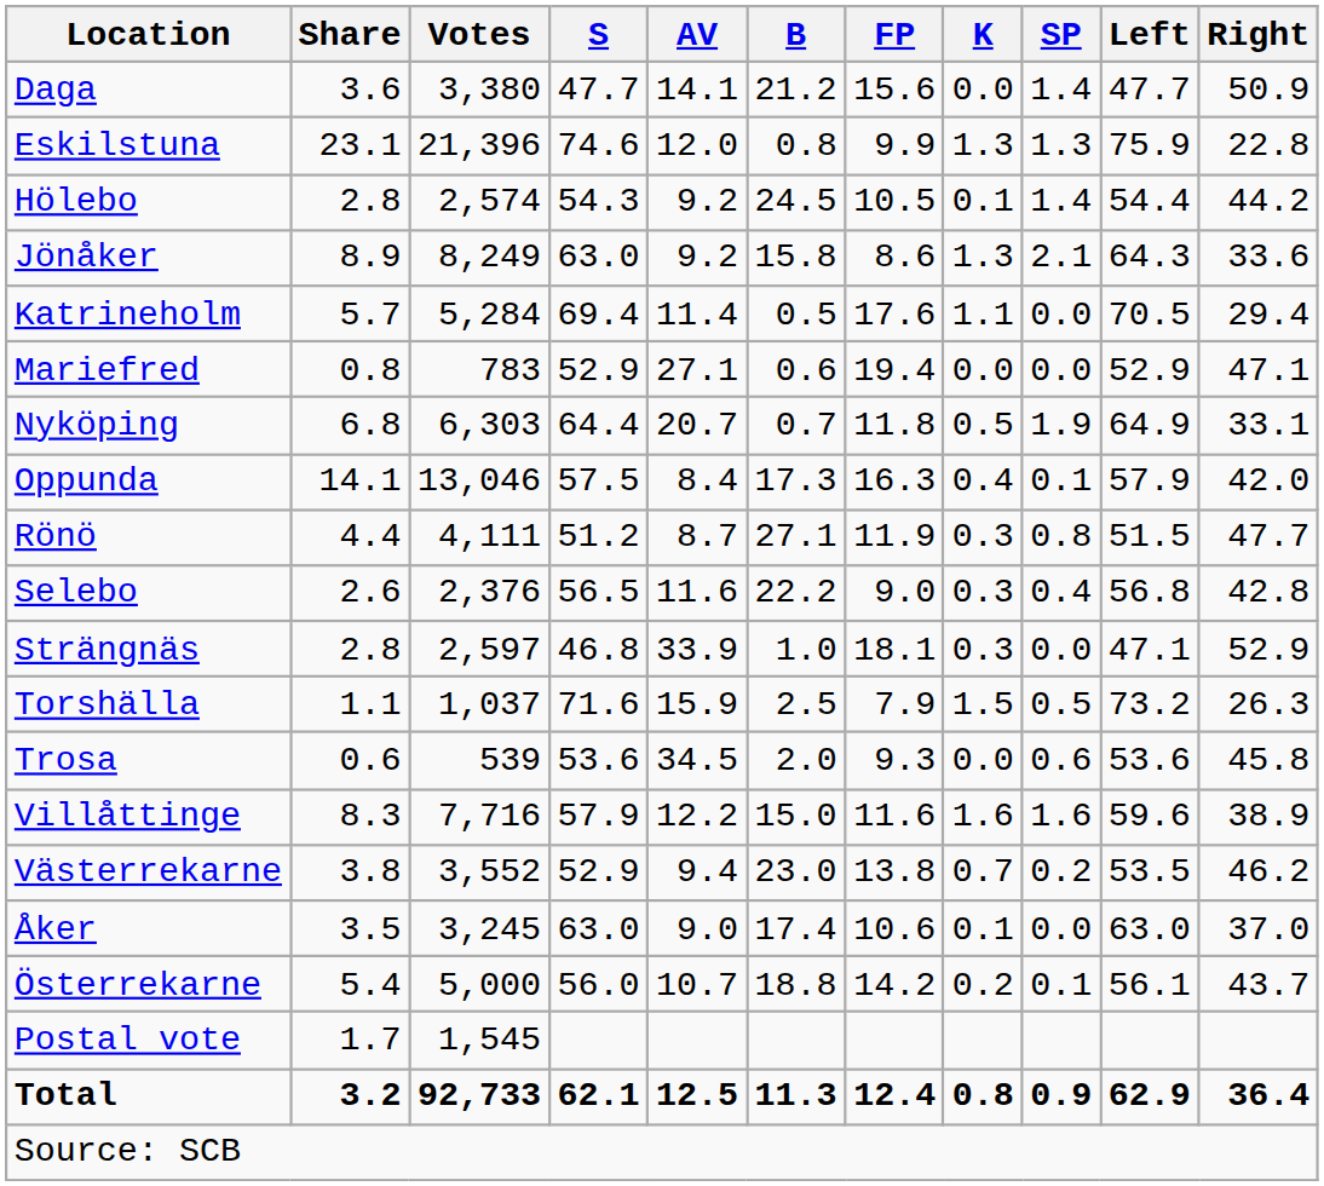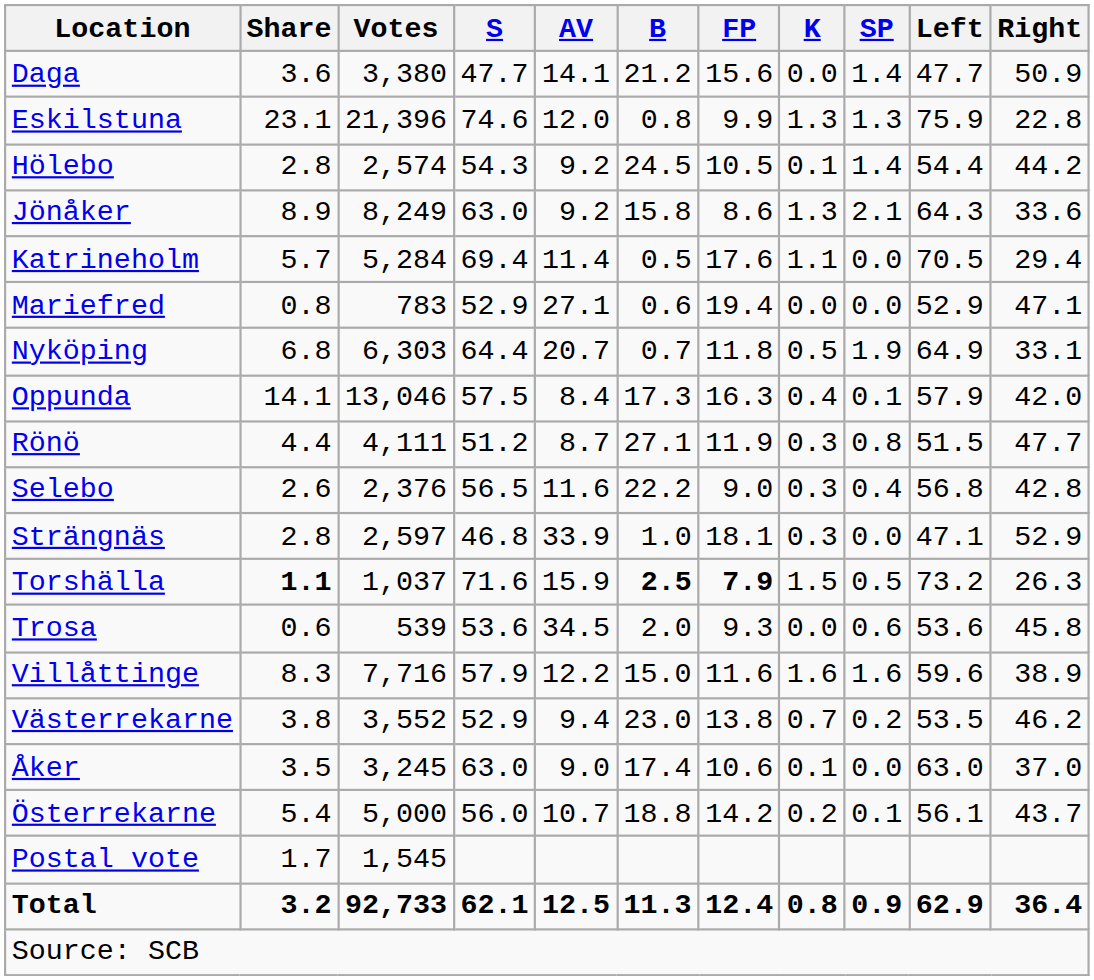 <table class="wikitable sortable" style=text-align:right>
 <tr>
 <th>Location</th>
 <th>Share</th>
 <th>Votes</th>
 <th><a href='#'>S</a></th>
 <th><a href='#'>AV</a></th>
 <th><a href='#'>B</a></th>
 <th><a href='#'>FP</a></th>
 <th><a href='#'>K</a></th>
 <th><a href='#'>SP</a></th>
 <th>Left</th>
 <th>Right</th>
 </tr>
 <tr>
 <td align=left><a href='#'>Daga</a></td>
 <td>3.6</td>
 <td>3,380</td>
 <td>47.7</td>
 <td>14.1</td>
 <td>21.2</td>
 <td>15.6</td>
 <td>0.0</td>
 <td>1.4</td>
 <td>47.7</td>
 <td>50.9</td>
 </tr>
 <tr>
 <td align=left><a href='#'>Eskilstuna</a></td>
 <td>23.1</td>
 <td>21,396</td>
 <td>74.6</td>
 <td>12.0</td>
 <td>0.8</td>
 <td>9.9</td>
 <td>1.3</td>
 <td>1.3</td>
 <td>75.9</td>
 <td>22.8</td>
 </tr>
 <tr>
 <td align=left><a href='#'>Hölebo</a></td>
 <td>2.8</td>
 <td>2,574</td>
 <td>54.3</td>
 <td>9.2</td>
 <td>24.5</td>
 <td>10.5</td>
 <td>0.1</td>
 <td>1.4</td>
 <td>54.4</td>
 <td>44.2</td>
 </tr>
 <tr>
 <td align=left><a href='#'>Jönåker</a></td>
 <td>8.9</td>
 <td>8,249</td>
 <td>63.0</td>
 <td>9.2</td>
 <td>15.8</td>
 <td>8.6</td>
 <td>1.3</td>
 <td>2.1</td>
 <td>64.3</td>
 <td>33.6</td>
 </tr>
 <tr>
 <td align=left><a href='#'>Katrineholm</a></td>
 <td>5.7</td>
 <td>5,284</td>
 <td>69.4</td>
 <td>11.4</td>
 <td>0.5</td>
 <td>17.6</td>
 <td>1.1</td>
 <td>0.0</td>
 <td>70.5</td>
 <td>29.4</td>
 </tr>
 <tr>
 <td align=left><a href='#'>Mariefred</a></td>
 <td>0.8</td>
 <td>783</td>
 <td>52.9</td>
 <td>27.1</td>
 <td>0.6</td>
 <td>19.4</td>
 <td>0.0</td>
 <td>0.0</td>
 <td>52.9</td>
 <td>47.1</td>
 </tr>
 <tr>
 <td align=left><a href='#'>Nyköping</a></td>
 <td>6.8</td>
 <td>6,303</td>
 <td>64.4</td>
 <td>20.7</td>
 <td>0.7</td>
 <td>11.8</td>
 <td>0.5</td>
 <td>1.9</td>
 <td>64.9</td>
 <td>33.1</td>
 </tr>
 <tr>
 <td align=left><a href='#'>Oppunda</a></td>
 <td>14.1</td>
 <td>13,046</td>
 <td>57.5</td>
 <td>8.4</td>
 <td>17.3</td>
 <td>16.3</td>
 <td>0.4</td>
 <td>0.1</td>
 <td>57.9</td>
 <td>42.0</td>
 </tr>
 <tr>
 <td align=left><a href='#'>Rönö</a></td>
 <td>4.4</td>
 <td>4,111</td>
 <td>51.2</td>
 <td>8.7</td>
 <td>27.1</td>
 <td>11.9</td>
 <td>0.3</td>
 <td>0.8</td>
 <td>51.5</td>
 <td>47.7</td>
 </tr>
 <tr>
 <td align=left><a href='#'>Selebo</a></td>
 <td>2.6</td>
 <td>2,376</td>
 <td>56.5</td>
 <td>11.6</td>
 <td>22.2</td>
 <td>9.0</td>
 <td>0.3</td>
 <td>0.4</td>
 <td>56.8</td>
 <td>42.8</td>
 </tr>
 <tr>
 <td align=left><a href='#'>Strängnäs</a></td>
 <td>2.8</td>
 <td>2,597</td>
 <td>46.8</td>
 <td>33.9</td>
 <td>1.0</td>
 <td>18.1</td>
 <td>0.3</td>
 <td>0.0</td>
 <td>47.1</td>
 <td>52.9</td>
 </tr>
 <tr>
 <td align=left><a href='#'>Torshälla</a></td>
-<td>1.1</td>
+<td><strong>1.1</strong></td>
 <td>1,037</td>
 <td>71.6</td>
 <td>15.9</td>
-<td>2.5</td>
-<td>7.9</td>
+<td><strong>2.5</strong></td>
+<td><strong>7.9</strong></td>
 <td>1.5</td>
 <td>0.5</td>
 <td>73.2</td>
 <td>26.3</td>
 </tr>
 <tr>
 <td align=left><a href='#'>Trosa</a></td>
 <td>0.6</td>
 <td>539</td>
 <td>53.6</td>
 <td>34.5</td>
 <td>2.0</td>
 <td>9.3</td>
 <td>0.0</td>
 <td>0.6</td>
 <td>53.6</td>
 <td>45.8</td>
 </tr>
 <tr>
 <td align=left><a href='#'>Villåttinge</a></td>
 <td>8.3</td>
 <td>7,716</td>
 <td>57.9</td>
 <td>12.2</td>
 <td>15.0</td>
 <td>11.6</td>
 <td>1.6</td>
 <td>1.6</td>
 <td>59.6</td>
 <td>38.9</td>
 </tr>
 <tr>
 <td align=left><a href='#'>Västerrekarne</a></td>
 <td>3.8</td>
 <td>3,552</td>
 <td>52.9</td>
 <td>9.4</td>
 <td>23.0</td>
 <td>13.8</td>
 <td>0.7</td>
 <td>0.2</td>
 <td>53.5</td>
 <td>46.2</td>
 </tr>
 <tr>
 <td align=left><a href='#'>Åker</a></td>
 <td>3.5</td>
 <td>3,245</td>
 <td>63.0</td>
 <td>9.0</td>
 <td>17.4</td>
 <td>10.6</td>
 <td>0.1</td>
 <td>0.0</td>
 <td>63.0</td>
 <td>37.0</td>
 </tr>
 <tr>
 <td align=left><a href='#'>Österrekarne</a></td>
 <td>5.4</td>
 <td>5,000</td>
 <td>56.0</td>
 <td>10.7</td>
 <td>18.8</td>
 <td>14.2</td>
 <td>0.2</td>
 <td>0.1</td>
 <td>56.1</td>
 <td>43.7</td>
 </tr>
 <tr>
 <td align=left><a href='#'>Postal vote</a></td>
 <td>1.7</td>
 <td>1,545</td>
 <td></td>
 <td></td>
 <td></td>
 <td></td>
 <td></td>
 <td></td>
 <td></td>
 <td></td>
 </tr>
 <tr>
 <td align=left><strong>Total</strong></td>
 <td><strong>3.2</strong></td>
 <td><strong>92,733</strong></td>
 <td><strong>62.1</strong></td>
 <td><strong>12.5</strong></td>
 <td><strong>11.3</strong></td>
 <td><strong>12.4</strong></td>
 <td><strong>0.8</strong></td>
 <td><strong>0.9</strong></td>
 <td><strong>62.9</strong></td>
 <td><strong>36.4</strong></td>
 </tr>
 <tr>
 <td align=left colspan=11>Source: SCB </td>
 </tr>
 </table>
